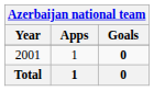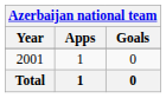 <table class="wikitable" style="text-align:center">
 <tr>
 <th colspan=3><a href='#'>Azerbaijan national team</a></th>
 </tr>
 <tr>
 <th>Year</th>
 <th>Apps</th>
 <th>Goals</th>
 </tr>
 <tr>
 </tr>
 <tr>
 <td>2001</td>
 <td>1</td>
-<td><strong>0</strong></td>
+<td>0</td>
 </tr>
 <tr>
 <th>Total</th>
 <th>1</th>
 <th>0</th>
 </tr>
 </table>
